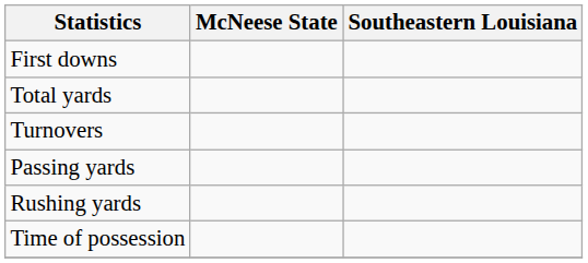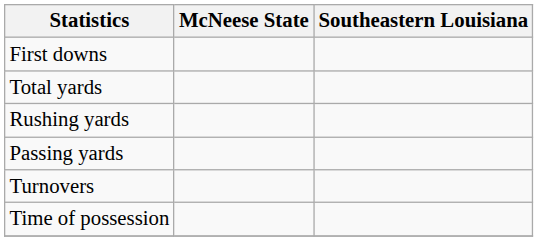 <table class="wikitable">
 <tr>
 <th>Statistics</th>
 <th>McNeese State</th>
 <th>Southeastern Louisiana</th>
 </tr>
 <tr>
 <td>First downs</td>
 <td> </td>
 <td> </td>
 </tr>
 <tr>
 <td>Total yards</td>
 <td> </td>
 <td> </td>
 </tr>
 <tr>
-<td>Turnovers</td>
+<td>Rushing yards</td>
 <td> </td>
 <td> </td>
 </tr>
 <tr>
 <td>Passing yards</td>
 <td> </td>
 <td> </td>
 </tr>
 <tr>
-<td>Rushing yards</td>
+<td>Turnovers</td>
 <td> </td>
 <td> </td>
 </tr>
 <tr>
 <td>Time of possession</td>
 <td> </td>
 <td> </td>
 </tr>
 <tr>
 </tr>
 </table>
